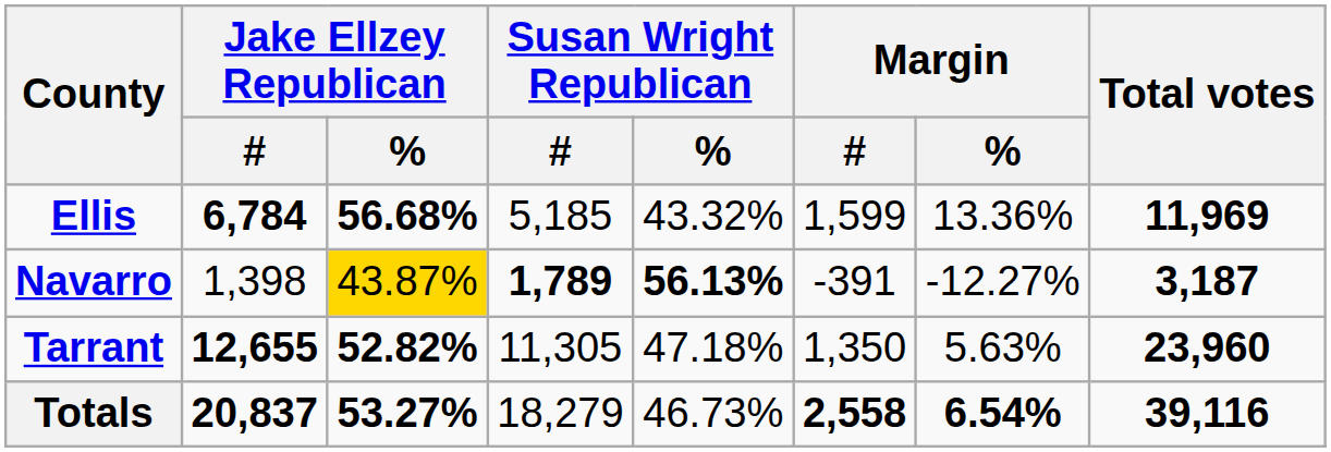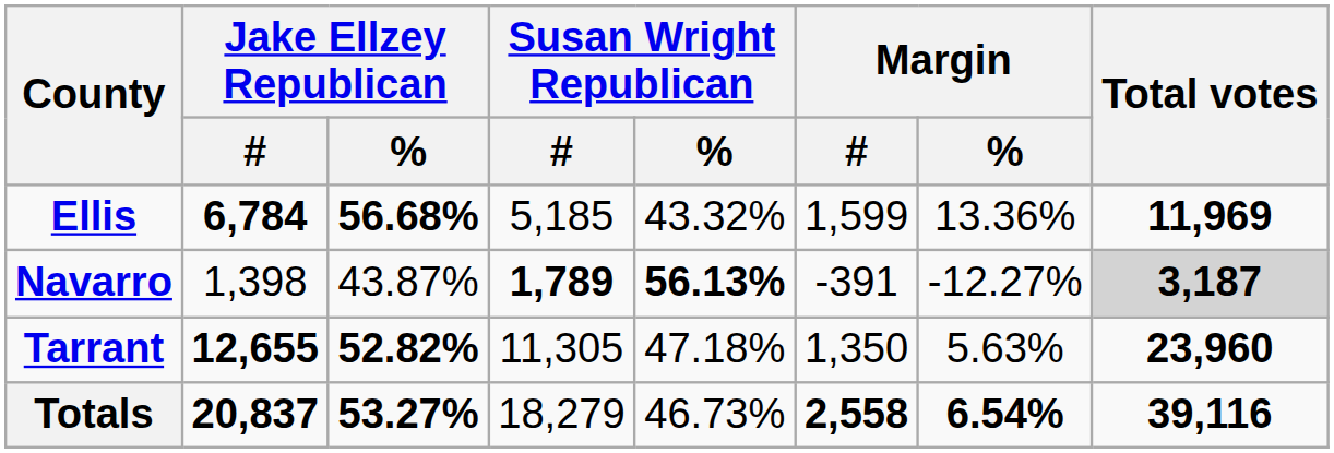 <table class="wikitable sortable">
 <tr>
 <th rowspan="2">County</th>
 <th colspan="2"><a href='#'>Jake Ellzey</a><br><a href='#'>Republican</a></th>
 <th colspan="2"><a href='#'>Susan Wright</a><br><a href='#'>Republican</a></th>
 <th colspan="2">Margin</th>
 <th rowspan="2">Total votes</th>
 </tr>
 <tr>
 <th data-sort-type="number" style="text-align:center;">#</th>
 <th data-sort-type="number" style="text-align:center;">%</th>
 <th data-sort-type="number" style="text-align:center;">#</th>
 <th data-sort-type="number" style="text-align:center;">%</th>
 <th data-sort-type="number" style="text-align:center;">#</th>
 <th data-sort-type="number" style="text-align:center;">%</th>
 </tr>
 <tr style="text-align:center;">
 <td><strong><a href='#'>Ellis</a></strong></td>
 <td><strong>6,784</strong></td>
 <td><strong>56.68%</strong></td>
 <td>5,185</td>
 <td>43.32%</td>
 <td>1,599</td>
 <td>13.36%</td>
 <td><strong>11,969</strong></td>
 </tr>
 <tr style="text-align:center;">
 <td><strong><a href='#'>Navarro</a></strong></td>
 <td>1,398</td>
-<td style="background: gold;">43.87%</td>
+<td>43.87%</td>
 <td><strong>1,789</strong></td>
 <td><strong>56.13%</strong></td>
 <td>-391</td>
 <td>-12.27%</td>
-<td><strong>3,187</strong></td>
+<td style="background: lightgrey;"><strong>3,187</strong></td>
 </tr>
 <tr style="text-align:center;">
 <td><strong><a href='#'>Tarrant</a></strong> </td>
 <td><strong>12,655</strong></td>
 <td><strong>52.82%</strong></td>
 <td>11,305</td>
 <td>47.18%</td>
 <td>1,350</td>
 <td>5.63%</td>
 <td><strong>23,960</strong></td>
 </tr>
 <tr style="text-align:center;">
 <th>Totals</th>
 <td><strong>20,837</strong></td>
 <td><strong>53.27%</strong></td>
 <td>18,279</td>
 <td>46.73%</td>
 <td><strong>2,558</strong></td>
 <td><strong>6.54%</strong></td>
 <td><strong>39,116</strong></td>
 </tr>
 </table>
